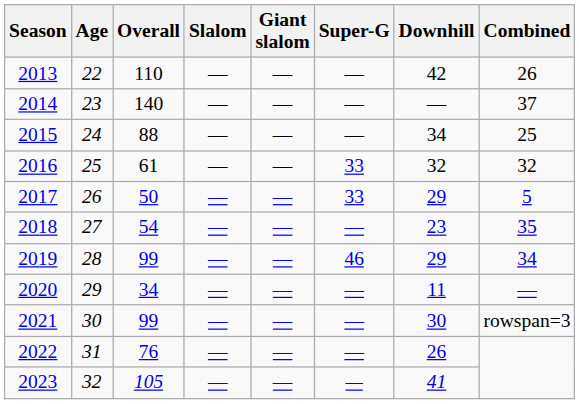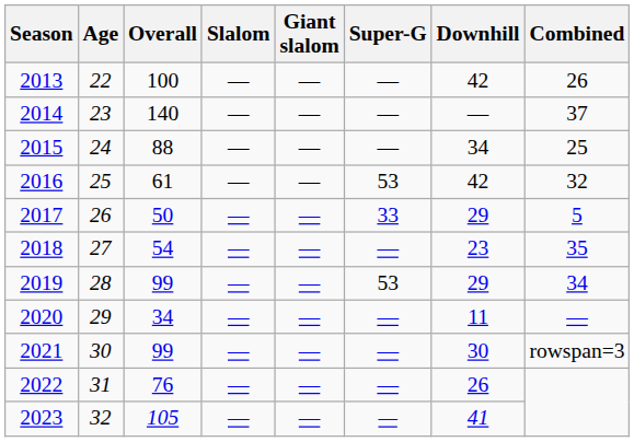 <table class=wikitable style="text-align:center">
 <tr>
 <th>Season</th>
 <th>Age</th>
 <th>Overall</th>
 <th>Slalom</th>
 <th>Giant<br>slalom</th>
 <th>Super-G</th>
 <th>Downhill</th>
 <th>Combined</th>
 </tr>
 <tr>
 <td><a href='#'>2013</a></td>
 <td><em>22</em></td>
-<td>110</td>
+<td>100</td>
 <td>—</td>
 <td>—</td>
 <td>—</td>
 <td>42</td>
 <td>26</td>
 </tr>
 <tr>
 <td><a href='#'>2014</a></td>
 <td><em>23</em></td>
 <td>140</td>
 <td>—</td>
 <td>—</td>
 <td>—</td>
 <td>—</td>
 <td>37</td>
 </tr>
 <tr>
 <td><a href='#'>2015</a></td>
 <td><em>24</em></td>
 <td>88</td>
 <td>—</td>
 <td>—</td>
 <td>—</td>
 <td>34</td>
 <td>25</td>
 </tr>
 <tr>
 <td><a href='#'>2016</a></td>
 <td><em>25</em></td>
 <td>61</td>
 <td>—</td>
 <td>—</td>
-<td><a href='#'>33</a></td>
-<td>32</td>
+<td>53</td>
+<td>42</td>
 <td>32</td>
 </tr>
 <tr>
 <td><a href='#'>2017</a></td>
 <td><em>26</em></td>
 <td><a href='#'>50</a></td>
 <td><a href='#'>—</a></td>
 <td><a href='#'>—</a></td>
 <td><a href='#'>33</a></td>
 <td><a href='#'>29</a></td>
 <td><a href='#'>5</a></td>
 </tr>
 <tr>
 <td><a href='#'>2018</a></td>
 <td><em>27</em></td>
 <td><a href='#'>54</a></td>
 <td><a href='#'>—</a></td>
 <td><a href='#'>—</a></td>
 <td><a href='#'>—</a></td>
 <td><a href='#'>23</a></td>
 <td><a href='#'>35</a></td>
 </tr>
 <tr>
 <td><a href='#'>2019</a></td>
 <td><em>28</em></td>
 <td><a href='#'>99</a></td>
 <td><a href='#'>—</a></td>
 <td><a href='#'>—</a></td>
-<td><a href='#'>46</a></td>
+<td>53</td>
 <td><a href='#'>29</a></td>
 <td><a href='#'>34</a></td>
 </tr>
 <tr>
 <td><a href='#'>2020</a></td>
 <td><em>29</em></td>
 <td><a href='#'>34</a></td>
 <td><a href='#'>—</a></td>
 <td><a href='#'>—</a></td>
 <td><a href='#'>—</a></td>
 <td><a href='#'>11</a></td>
 <td><a href='#'>—</a></td>
 </tr>
 <tr>
 <td><a href='#'>2021</a></td>
 <td><em>30</em></td>
 <td><a href='#'>99</a></td>
 <td><a href='#'>—</a></td>
 <td><a href='#'>—</a></td>
 <td><a href='#'>—</a></td>
 <td><a href='#'>30</a></td>
 <td>rowspan=3 </td>
 </tr>
 <tr>
 <td><a href='#'>2022</a></td>
 <td><em>31</em></td>
 <td><a href='#'>76</a></td>
 <td><a href='#'>—</a></td>
 <td><a href='#'>—</a></td>
 <td><a href='#'>—</a></td>
 <td><a href='#'>26</a></td>
 </tr>
 <tr>
 <td><a href='#'>2023</a></td>
 <td><em>32</em></td>
 <td><em><a href='#'>105</a></em></td>
 <td><a href='#'>—</a></td>
 <td><a href='#'>—</a></td>
 <td><em><a href='#'>—</a></em></td>
 <td><em><a href='#'>41</a></em></td>
 </tr>
 </table>
